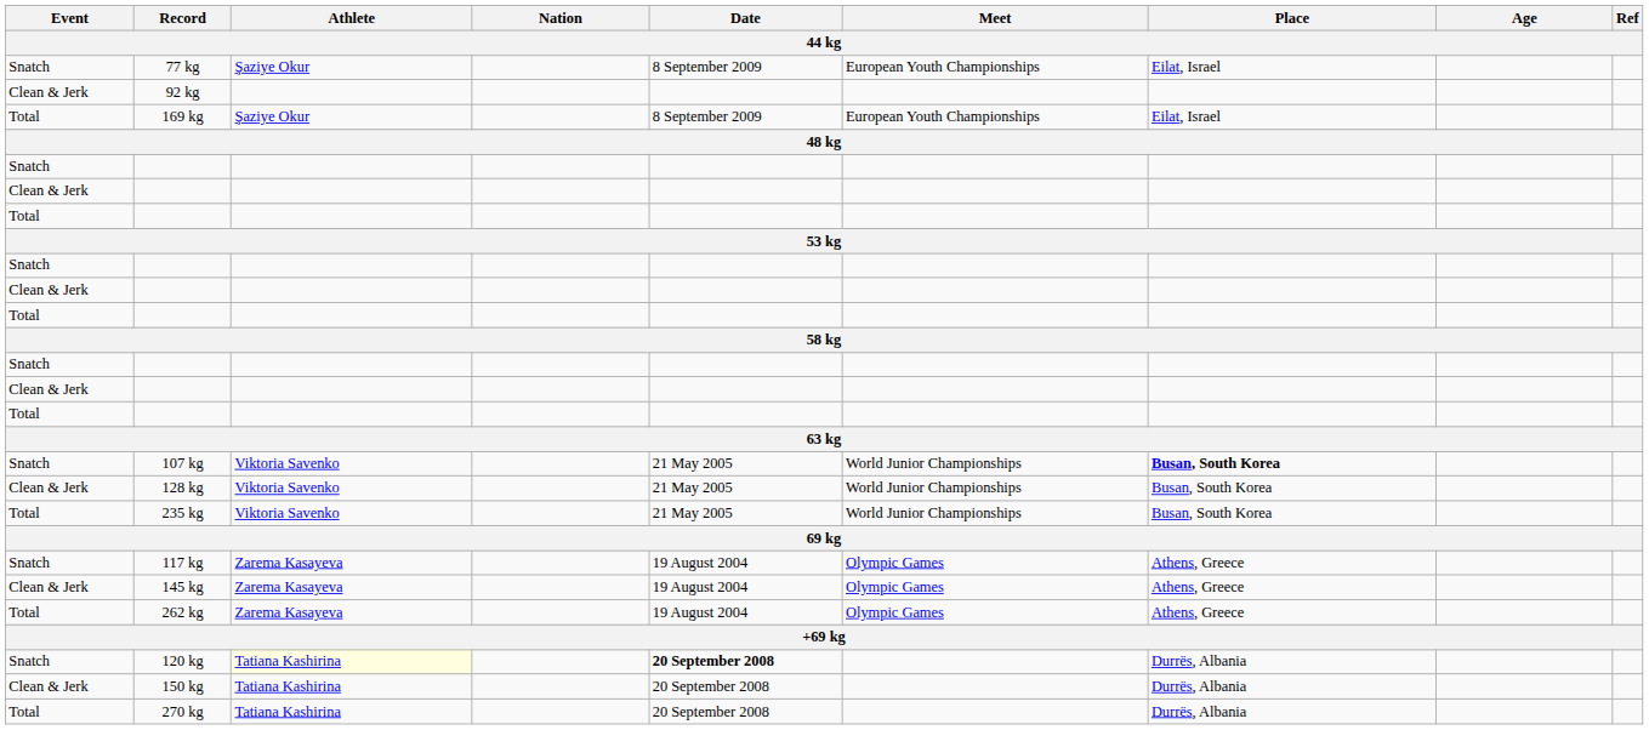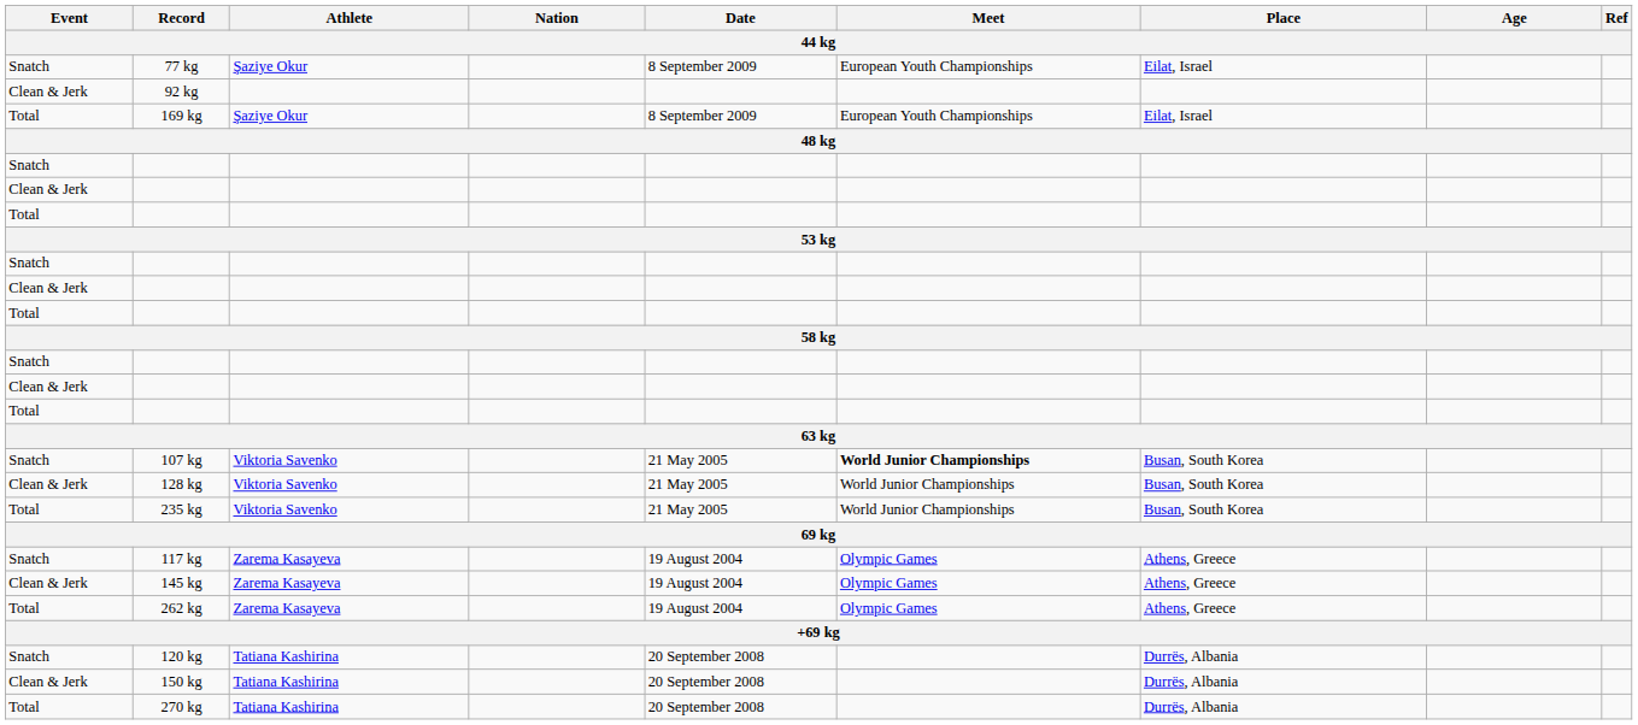 <table class="wikitable" style="font-size:90%;">
 <tr>
 <th width=8%>Event</th>
 <th width=6%>Record</th>
 <th width=15%>Athlete</th>
 <th width=11%>Nation</th>
 <th width=12%>Date</th>
 <th width=19%>Meet</th>
 <th width=18%>Place</th>
 <th width=11%>Age</th>
 <th>Ref</th>
 </tr>
 <tr bgcolor="#DDDDDD">
 <th colspan="9">44 kg</th>
 </tr>
 <tr>
 <td>Snatch</td>
 <td align=center>77 kg</td>
 <td><a href='#'>Şaziye Okur</a></td>
 <td></td>
 <td>8 September 2009</td>
 <td>European Youth Championships</td>
 <td><a href='#'>Eilat</a>, Israel</td>
 <td></td>
 </tr>
 <tr>
 <td>Clean & Jerk</td>
 <td align=center>92 kg</td>
 <td></td>
 <td></td>
 <td></td>
 <td></td>
 <td></td>
 <td></td>
 <td></td>
 </tr>
 <tr>
 <td>Total</td>
 <td align=center>169 kg</td>
 <td><a href='#'>Şaziye Okur</a></td>
 <td></td>
 <td>8 September 2009</td>
 <td>European Youth Championships</td>
 <td><a href='#'>Eilat</a>, Israel</td>
 <td></td>
 </tr>
 <tr bgcolor="#DDDDDD">
 <th colspan="9">48 kg</th>
 </tr>
 <tr>
 <td>Snatch</td>
 <td align=center></td>
 <td></td>
 <td></td>
 <td></td>
 <td></td>
 <td></td>
 <td></td>
 <td></td>
 </tr>
 <tr>
 <td>Clean & Jerk</td>
 <td align=center></td>
 <td></td>
 <td></td>
 <td></td>
 <td></td>
 <td></td>
 <td></td>
 <td></td>
 </tr>
 <tr>
 <td>Total</td>
 <td align=center></td>
 <td></td>
 <td></td>
 <td></td>
 <td></td>
 <td></td>
 <td></td>
 <td></td>
 </tr>
 <tr bgcolor="#DDDDDD">
 <th colspan="9">53 kg</th>
 </tr>
 <tr>
 <td>Snatch</td>
 <td align=center></td>
 <td></td>
 <td></td>
 <td></td>
 <td></td>
 <td></td>
 <td></td>
 <td></td>
 </tr>
 <tr>
 <td>Clean & Jerk</td>
 <td align=center></td>
 <td></td>
 <td></td>
 <td></td>
 <td></td>
 <td></td>
 <td></td>
 <td></td>
 </tr>
 <tr>
 <td>Total</td>
 <td align=center></td>
 <td></td>
 <td></td>
 <td></td>
 <td></td>
 <td></td>
 <td></td>
 <td></td>
 </tr>
 <tr bgcolor="#DDDDDD">
 <th colspan="9">58 kg</th>
 </tr>
 <tr>
 <td>Snatch</td>
 <td align=center></td>
 <td></td>
 <td></td>
 <td></td>
 <td></td>
 <td></td>
 <td></td>
 <td></td>
 </tr>
 <tr>
 <td>Clean & Jerk</td>
 <td align=center></td>
 <td></td>
 <td></td>
 <td></td>
 <td></td>
 <td></td>
 <td></td>
 <td></td>
 </tr>
 <tr>
 <td>Total</td>
 <td align=center></td>
 <td></td>
 <td></td>
 <td></td>
 <td></td>
 <td></td>
 <td></td>
 <td></td>
 </tr>
 <tr bgcolor="#DDDDDD">
 <th colspan="9">63 kg</th>
 </tr>
 <tr>
 <td>Snatch</td>
 <td align=center>107 kg</td>
 <td><a href='#'>Viktoria Savenko</a></td>
 <td></td>
 <td>21 May 2005</td>
-<td>World Junior Championships</td>
-<td><strong><a href='#'>Busan</a>, South Korea</strong></td>
+<td><strong>World Junior Championships</strong></td>
+<td><a href='#'>Busan</a>, South Korea</td>
 <td></td>
 <td></td>
 </tr>
 <tr>
 <td>Clean & Jerk</td>
 <td align=center>128 kg</td>
 <td><a href='#'>Viktoria Savenko</a></td>
 <td></td>
 <td>21 May 2005</td>
 <td>World Junior Championships</td>
 <td><a href='#'>Busan</a>, South Korea</td>
 <td></td>
 <td></td>
 </tr>
 <tr>
 <td>Total</td>
 <td align=center>235 kg</td>
 <td><a href='#'>Viktoria Savenko</a></td>
 <td></td>
 <td>21 May 2005</td>
 <td>World Junior Championships</td>
 <td><a href='#'>Busan</a>, South Korea</td>
 <td></td>
 <td></td>
 </tr>
 <tr bgcolor="#DDDDDD">
 <th colspan="9">69 kg</th>
 </tr>
 <tr>
 <td>Snatch</td>
 <td align=center>117 kg</td>
 <td><a href='#'>Zarema Kasayeva</a></td>
 <td></td>
 <td>19 August 2004</td>
 <td><a href='#'>Olympic Games</a></td>
 <td><a href='#'>Athens</a>, Greece</td>
 <td></td>
 <td></td>
 </tr>
 <tr>
 <td>Clean & Jerk</td>
 <td align=center>145 kg</td>
 <td><a href='#'>Zarema Kasayeva</a></td>
 <td></td>
 <td>19 August 2004</td>
 <td><a href='#'>Olympic Games</a></td>
 <td><a href='#'>Athens</a>, Greece</td>
 <td></td>
 <td></td>
 </tr>
 <tr>
 <td>Total</td>
 <td align=center>262 kg</td>
 <td><a href='#'>Zarema Kasayeva</a></td>
 <td></td>
 <td>19 August 2004</td>
 <td><a href='#'>Olympic Games</a></td>
 <td><a href='#'>Athens</a>, Greece</td>
 <td></td>
 <td></td>
 </tr>
 <tr bgcolor="#DDDDDD">
 <th colspan="9">+69 kg</th>
 </tr>
 <tr>
 <td>Snatch</td>
 <td align=center>120 kg</td>
-<td style="background: lightyellow;"><a href='#'>Tatiana Kashirina</a></td>
+<td><a href='#'>Tatiana Kashirina</a></td>
 <td></td>
-<td><strong>20 September 2008</strong></td>
+<td>20 September 2008</td>
 <td></td>
 <td><a href='#'>Durrës</a>, Albania</td>
 <td></td>
 <td></td>
 </tr>
 <tr>
 <td>Clean & Jerk</td>
 <td align=center>150 kg</td>
 <td><a href='#'>Tatiana Kashirina</a></td>
 <td></td>
 <td>20 September 2008</td>
 <td></td>
 <td><a href='#'>Durrës</a>, Albania</td>
 <td></td>
 <td></td>
 </tr>
 <tr>
 <td>Total</td>
 <td align=center>270 kg</td>
 <td><a href='#'>Tatiana Kashirina</a></td>
 <td></td>
 <td>20 September 2008</td>
 <td></td>
 <td><a href='#'>Durrës</a>, Albania</td>
 <td></td>
 <td></td>
 </tr>
 </table>
